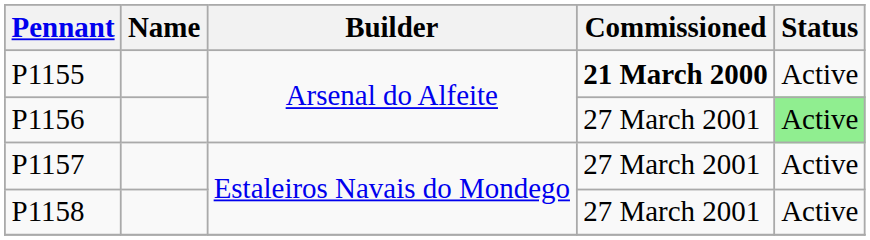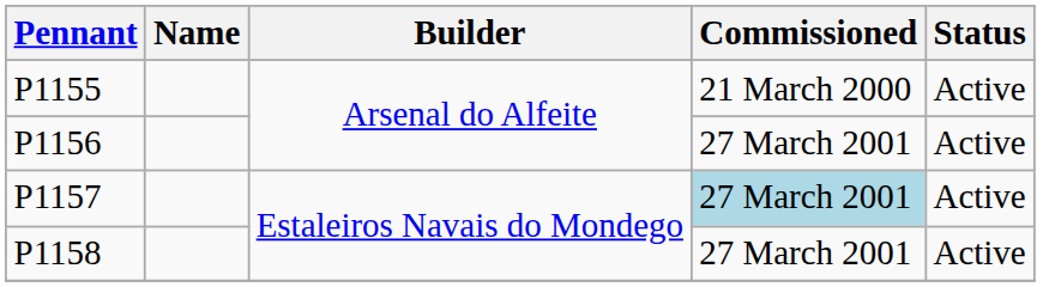 <table class="wikitable plainrowheaders">
 <tr>
 <th scope="col"><a href='#'>Pennant</a></th>
 <th scope="col">Name</th>
 <th scope="col">Builder</th>
 <th scope="col">Commissioned</th>
 <th scope="col">Status</th>
 </tr>
 <tr>
 <td scope="row">P1155</td>
 <td></td>
 <td rowspan="2" align="center"><a href='#'>Arsenal do Alfeite</a></td>
-<td><strong>21 March 2000</strong></td>
+<td>21 March 2000</td>
 <td>Active</td>
 </tr>
 <tr>
 <td scope="row">P1156</td>
 <td></td>
 <td>27 March 2001</td>
-<td style="background: lightgreen;">Active</td>
+<td>Active</td>
 </tr>
 <tr>
 <td scope="row">P1157</td>
 <td></td>
 <td rowspan="2" align="center"><a href='#'>Estaleiros Navais do Mondego</a></td>
-<td>27 March 2001</td>
+<td style="background: lightblue;">27 March 2001</td>
 <td>Active</td>
 </tr>
 <tr>
 <td scope="row">P1158</td>
 <td></td>
 <td>27 March 2001</td>
 <td>Active</td>
 </tr>
 <tr>
 </tr>
 </table>
